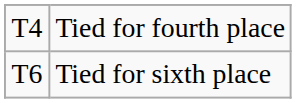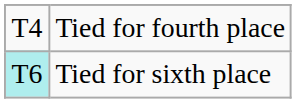 <table class="wikitable" style="font-size:90%;">
 <tr>
 <td>T4</td>
 <td>Tied for fourth place</td>
 </tr>
 <tr>
-<td>T6</td>
+<td style="background: paleturquoise;">T6</td>
 <td>Tied for sixth place</td>
 </tr>
 </table>
